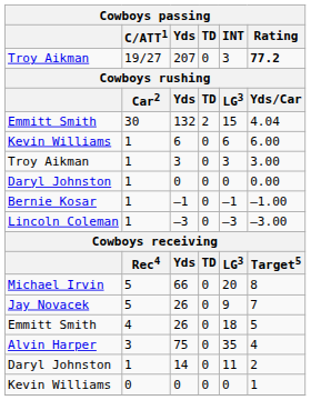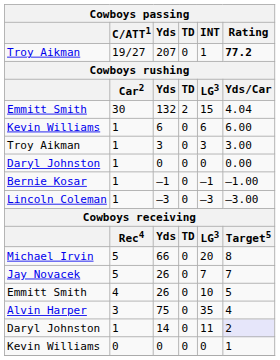 <table class="wikitable">
 <tr>
 <th colspan="6">Cowboys passing</th>
 </tr>
 <tr>
 <th></th>
 <th>C/ATT<sup>1</sup></th>
 <th>Yds</th>
 <th>TD</th>
 <th>INT</th>
 <th>Rating</th>
 </tr>
 <tr>
 <td><a href='#'>Troy Aikman</a></td>
 <td>19/27</td>
 <td>207</td>
 <td>0</td>
-<td>3</td>
+<td>1</td>
 <td><strong>77.2</strong></td>
 </tr>
 <tr>
 <th colspan="6">Cowboys rushing</th>
 </tr>
 <tr>
 <th></th>
 <th>Car<sup>2</sup></th>
 <th>Yds</th>
 <th>TD</th>
 <th>LG<sup>3</sup></th>
 <th>Yds/Car</th>
 </tr>
 <tr>
 <td><a href='#'>Emmitt Smith</a></td>
 <td>30</td>
 <td>132</td>
 <td>2</td>
 <td>15</td>
 <td>4.04</td>
 </tr>
 <tr>
 <td><a href='#'>Kevin Williams</a></td>
 <td>1</td>
 <td>6</td>
 <td>0</td>
 <td>6</td>
 <td>6.00</td>
 </tr>
 <tr>
 <td>Troy Aikman</td>
 <td>1</td>
 <td>3</td>
 <td>0</td>
 <td>3</td>
 <td>3.00</td>
 </tr>
 <tr>
 <td><a href='#'>Daryl Johnston</a></td>
 <td>1</td>
 <td>0</td>
 <td>0</td>
 <td>0</td>
 <td>0.00</td>
 </tr>
 <tr>
 <td><a href='#'>Bernie Kosar</a></td>
 <td>1</td>
 <td>–1</td>
 <td>0</td>
 <td>–1</td>
 <td>–1.00</td>
 </tr>
 <tr>
 <td><a href='#'>Lincoln Coleman</a></td>
 <td>1</td>
 <td>–3</td>
 <td>0</td>
 <td>–3</td>
 <td>–3.00</td>
 </tr>
 <tr>
 <th colspan="6">Cowboys receiving</th>
 </tr>
 <tr>
 <th></th>
 <th>Rec<sup>4</sup></th>
 <th>Yds</th>
 <th>TD</th>
 <th>LG<sup>3</sup></th>
 <th>Target<sup>5</sup></th>
 </tr>
 <tr>
 <td><a href='#'>Michael Irvin</a></td>
 <td>5</td>
 <td>66</td>
 <td>0</td>
 <td>20</td>
 <td>8</td>
 </tr>
 <tr>
 <td><a href='#'>Jay Novacek</a></td>
 <td>5</td>
 <td>26</td>
 <td>0</td>
-<td>9</td>
+<td>7</td>
 <td>7</td>
 </tr>
 <tr>
 <td>Emmitt Smith</td>
 <td>4</td>
 <td>26</td>
 <td>0</td>
-<td>18</td>
+<td>10</td>
 <td>5</td>
 </tr>
 <tr>
 <td><a href='#'>Alvin Harper</a></td>
 <td>3</td>
 <td>75</td>
 <td>0</td>
 <td>35</td>
 <td>4</td>
 </tr>
 <tr>
 <td>Daryl Johnston</td>
 <td>1</td>
 <td>14</td>
 <td>0</td>
 <td>11</td>
-<td>2</td>
+<td style="background: lavender;">2</td>
 </tr>
 <tr>
 <td>Kevin Williams</td>
 <td>0</td>
 <td>0</td>
 <td>0</td>
 <td>0</td>
 <td>1</td>
 </tr>
 <tr>
 </tr>
 </table>
